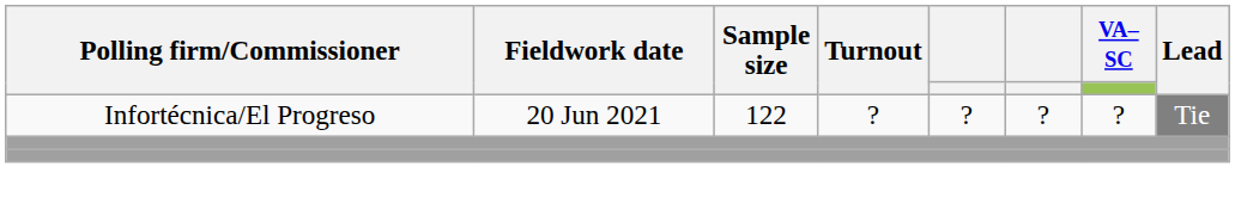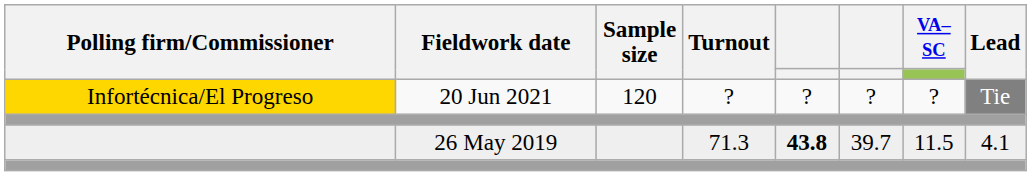 <table class="wikitable collapsible collapsed" style="text-align:center; font-size:95%; line-height:16px;">
 <tr style="height:42px;">
 <th style="width:250px;" rowspan="2">Polling firm/Commissioner</th>
 <th style="width:125px;" rowspan="2">Fieldwork date</th>
 <th style="width:50px;" rowspan="2">Sample size</th>
 <th style="width:45px;" rowspan="2">Turnout</th>
 <th style="width:35px;"></th>
 <th style="width:35px;"></th>
 <th style="width:35px; font-size:80%;"><a href='#'>VA–SC</a></th>
 <th style="width:30px;" rowspan="2">Lead</th>
 </tr>
 <tr>
 <th style="color:inherit;background:"></th>
 <th style="color:inherit;background:"></th>
 <th style="color:inherit;background:#98C455;"></th>
 </tr>
 <tr>
-<td>Infortécnica/El Progreso</td>
+<td style="background: gold;">Infortécnica/El Progreso</td>
 <td>20 Jun 2021</td>
-<td>122</td>
+<td>120</td>
 <td>?</td>
 <td>?<br></td>
 <td>?<br></td>
 <td>?<br></td>
 <td style="background:grey; color:white;">Tie</td>
 </tr>
 <tr>
 <td colspan="8" style="background:#A0A0A0"></td>
 </tr>
+<tr style="background:#EFEFEF;">
+<td><strong></strong></td>
+<td>26 May 2019</td>
+<td></td>
+<td>71.3</td>
+<td><strong>43.8</strong><br></td>
+<td>39.7<br></td>
+<td>11.5<br></td>
+<td style="background:">4.1</td>
+</tr>
 <tr>
 <td colspan="8" style="background:#A0A0A0"></td>
 </tr>
 </table>
